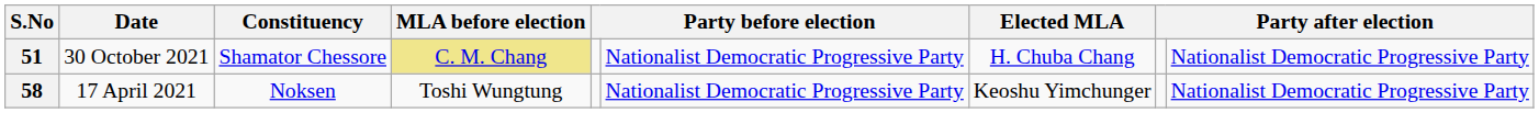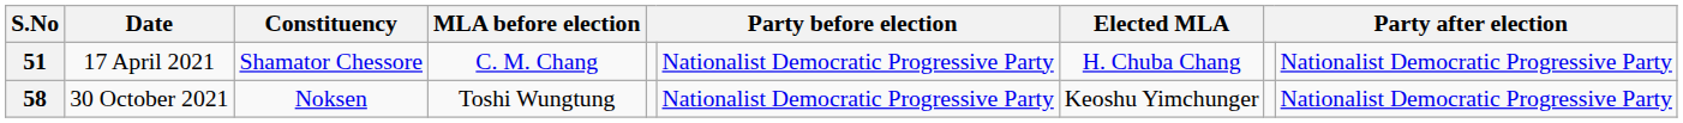 <table class="wikitable sortable" style="text-align:center;">
 <tr>
 <th>S.No</th>
 <th>Date</th>
 <th>Constituency</th>
 <th>MLA before election</th>
 <th colspan="2">Party before election</th>
 <th>Elected MLA</th>
 <th colspan="2">Party after election</th>
 </tr>
 <tr>
 <th>51</th>
-<td>30 October 2021</td>
+<td>17 April 2021</td>
 <td><a href='#'>Shamator Chessore</a></td>
-<td style="background: khaki;"><a href='#'>C. M. Chang</a></td>
+<td><a href='#'>C. M. Chang</a></td>
 <td></td>
 <td><a href='#'>Nationalist Democratic Progressive Party</a></td>
 <td><a href='#'>H. Chuba Chang</a></td>
 <td></td>
 <td><a href='#'>Nationalist Democratic Progressive Party</a></td>
 </tr>
 <tr>
 <th>58</th>
-<td>17 April 2021</td>
+<td>30 October 2021</td>
 <td><a href='#'>Noksen</a></td>
 <td>Toshi Wungtung</td>
 <td></td>
 <td><a href='#'>Nationalist Democratic Progressive Party</a></td>
 <td>Keoshu Yimchunger</td>
 <td></td>
 <td><a href='#'>Nationalist Democratic Progressive Party</a></td>
 </tr>
 </table>
